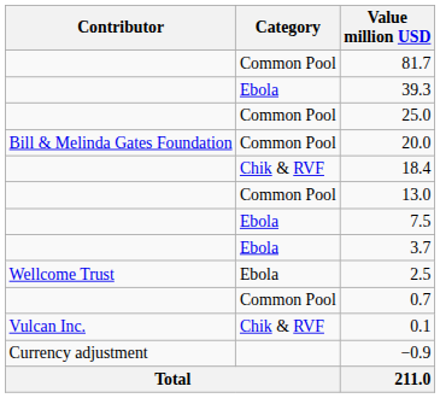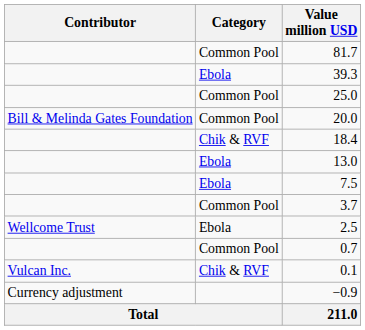 <table class="wikitable sortable">
 <tr>
 <th>Contributor</th>
 <th>Category</th>
 <th>Value<br>million <a href='#'>USD</a></th>
 </tr>
 <tr>
 <td></td>
 <td>Common Pool</td>
 <td style="text-align:right;">81.7</td>
 </tr>
 <tr>
 <td></td>
 <td><a href='#'>Ebola</a></td>
 <td style="text-align:right;">39.3</td>
 </tr>
 <tr>
 <td></td>
 <td>Common Pool</td>
 <td style="text-align:right;">25.0</td>
 </tr>
 <tr>
 <td><a href='#'>Bill & Melinda Gates Foundation</a></td>
 <td>Common Pool</td>
 <td style="text-align:right;">20.0</td>
 </tr>
 <tr>
 <td></td>
 <td><a href='#'>Chik</a> & <a href='#'>RVF</a></td>
 <td style="text-align:right;">18.4</td>
 </tr>
 <tr>
 <td></td>
-<td>Common Pool</td>
+<td><a href='#'>Ebola</a></td>
 <td style="text-align:right;">13.0</td>
 </tr>
 <tr>
 <td></td>
 <td><a href='#'>Ebola</a></td>
 <td style="text-align:right;">7.5</td>
 </tr>
 <tr>
 <td></td>
-<td><a href='#'>Ebola</a></td>
+<td>Common Pool</td>
 <td style="text-align:right;">3.7</td>
 </tr>
 <tr>
 <td><a href='#'>Wellcome Trust</a></td>
 <td>Ebola</td>
 <td style="text-align:right;">2.5</td>
 </tr>
 <tr>
 <td></td>
 <td>Common Pool</td>
 <td style="text-align:right;">0.7</td>
 </tr>
 <tr>
 <td><a href='#'>Vulcan Inc.</a></td>
 <td><a href='#'>Chik</a> & <a href='#'>RVF</a></td>
 <td style="text-align:right;">0.1</td>
 </tr>
 <tr>
 <td>Currency adjustment</td>
 <td></td>
 <td style="text-align:right;">−0.9</td>
 </tr>
 <tr>
 <th colspan=2>Total</th>
 <th style="text-align:right;">211.0</th>
 </tr>
 </table>
